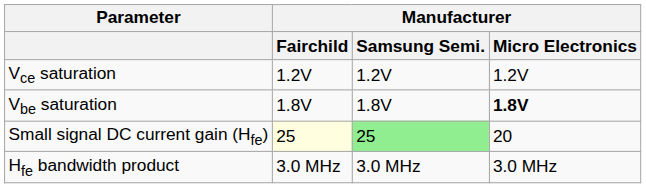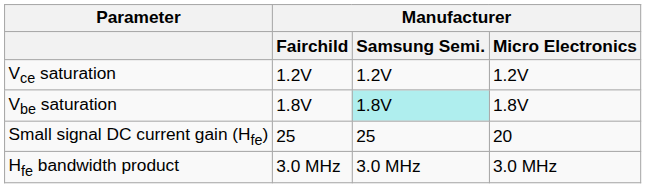 <table class="wikitable">
 <tr>
 <th>Parameter</th>
 <th colspan="10">Manufacturer</th>
 </tr>
 <tr>
 <th></th>
 <th>Fairchild </th>
 <th>Samsung Semi.</th>
 <th>Micro Electronics </th>
 </tr>
 <tr>
 <td>V<sub>ce</sub> saturation</td>
 <td>1.2V</td>
 <td>1.2V</td>
 <td>1.2V</td>
 </tr>
 <tr>
 <td>V<sub>be</sub> saturation</td>
 <td>1.8V</td>
+<td style="background: paleturquoise;">1.8V</td>
 <td>1.8V</td>
-<td><strong>1.8V</strong></td>
 </tr>
 <tr>
 <td>Small signal DC current gain (H<sub>fe</sub>)</td>
-<td style="background: lightyellow;">25</td>
-<td style="background: lightgreen;">25</td>
+<td>25</td>
+<td>25</td>
 <td>20</td>
 </tr>
 <tr>
 <td>H<sub>fe</sub> bandwidth product</td>
 <td>3.0 MHz</td>
 <td>3.0 MHz</td>
 <td>3.0 MHz</td>
 </tr>
 </table>
